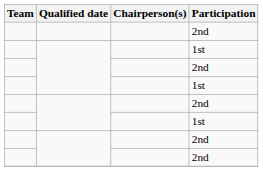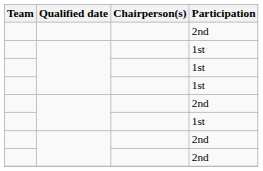 <table class="wikitable sortable">
 <tr>
 <th>Team</th>
 <th>Qualified date</th>
 <th>Chairperson(s)</th>
 <th class="unsortable">Participation</th>
 </tr>
 <tr>
 <td></td>
 <td></td>
 <td></td>
 <td>2nd </td>
 </tr>
 <tr>
 <td></td>
 <td rowspan=3></td>
 <td></td>
 <td>1st </td>
 </tr>
 <tr>
 <td></td>
 <td></td>
-<td>2nd </td>
+<td>1st </td>
 </tr>
 <tr>
 <td></td>
 <td></td>
 <td>1st </td>
 </tr>
 <tr>
 <td></td>
 <td rowspan=2></td>
 <td></td>
 <td>2nd </td>
 </tr>
 <tr>
 <td></td>
 <td></td>
 <td>1st </td>
 </tr>
 <tr>
 <td></td>
 <td rowspan=2></td>
 <td></td>
 <td>2nd </td>
 </tr>
 <tr>
 <td></td>
 <td></td>
 <td>2nd </td>
 </tr>
 <tr>
 </tr>
 </table>
